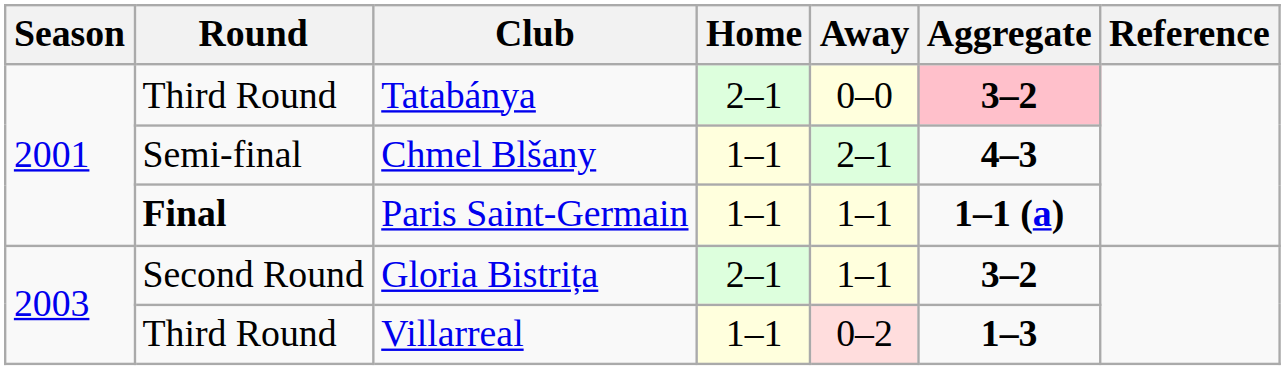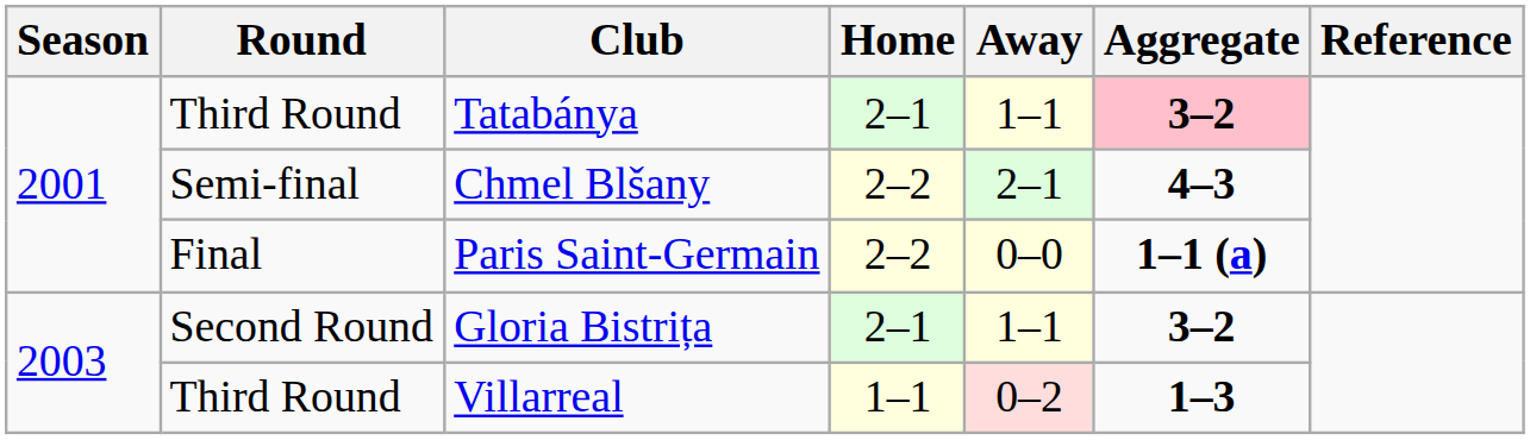 <table class="wikitable">
 <tr>
 <th>Season</th>
 <th>Round</th>
 <th>Club</th>
 <th>Home</th>
 <th>Away</th>
 <th>Aggregate</th>
 <th>Reference</th>
 </tr>
 <tr>
 <td rowspan=3><a href='#'>2001</a></td>
 <td>Third Round</td>
 <td> <a href='#'>Tatabánya</a></td>
 <td style="text-align:center; background:#dfd;">2–1</td>
-<td style="text-align:center; background:#ffd;">0–0</td>
+<td style="text-align:center; background:#ffd;">1–1</td>
 <td style="background: pink; text-align:center;"><strong>3–2</strong></td>
 <td rowspan="3" style="text-align:center;"></td>
 </tr>
 <tr>
 <td>Semi-final</td>
 <td> <a href='#'>Chmel Blšany</a></td>
-<td style="text-align:center; background:#ffd;">1–1</td>
+<td style="text-align:center; background:#ffd;">2–2</td>
 <td style="text-align:center; background:#dfd;">2–1</td>
 <td style="text-align:center;"><strong>4–3</strong></td>
 </tr>
 <tr>
-<td><strong>Final</strong></td>
+<td>Final</td>
 <td> <a href='#'>Paris Saint-Germain</a></td>
-<td style="text-align:center; background:#ffd;">1–1</td>
-<td style="text-align:center; background:#ffd;">1–1</td>
+<td style="text-align:center; background:#ffd;">2–2</td>
+<td style="text-align:center; background:#ffd;">0–0</td>
 <td style="text-align:center;"><strong>1–1 (<a href='#'>a</a>)</strong></td>
 </tr>
 <tr>
 <td rowspan=2><a href='#'>2003</a></td>
 <td>Second Round</td>
 <td> <a href='#'>Gloria Bistrița</a></td>
 <td style="text-align:center; background:#dfd;">2–1</td>
 <td style="text-align:center; background:#ffd;">1–1</td>
 <td style="text-align:center;"><strong>3–2</strong></td>
 <td rowspan="2" style="text-align:center;"></td>
 </tr>
 <tr>
 <td>Third Round</td>
 <td> <a href='#'>Villarreal</a></td>
 <td style="text-align:center; background:#ffd;">1–1</td>
 <td style="text-align:center; background:#fdd;">0–2</td>
 <td style="text-align:center;"><strong>1–3</strong></td>
 </tr>
 </table>
